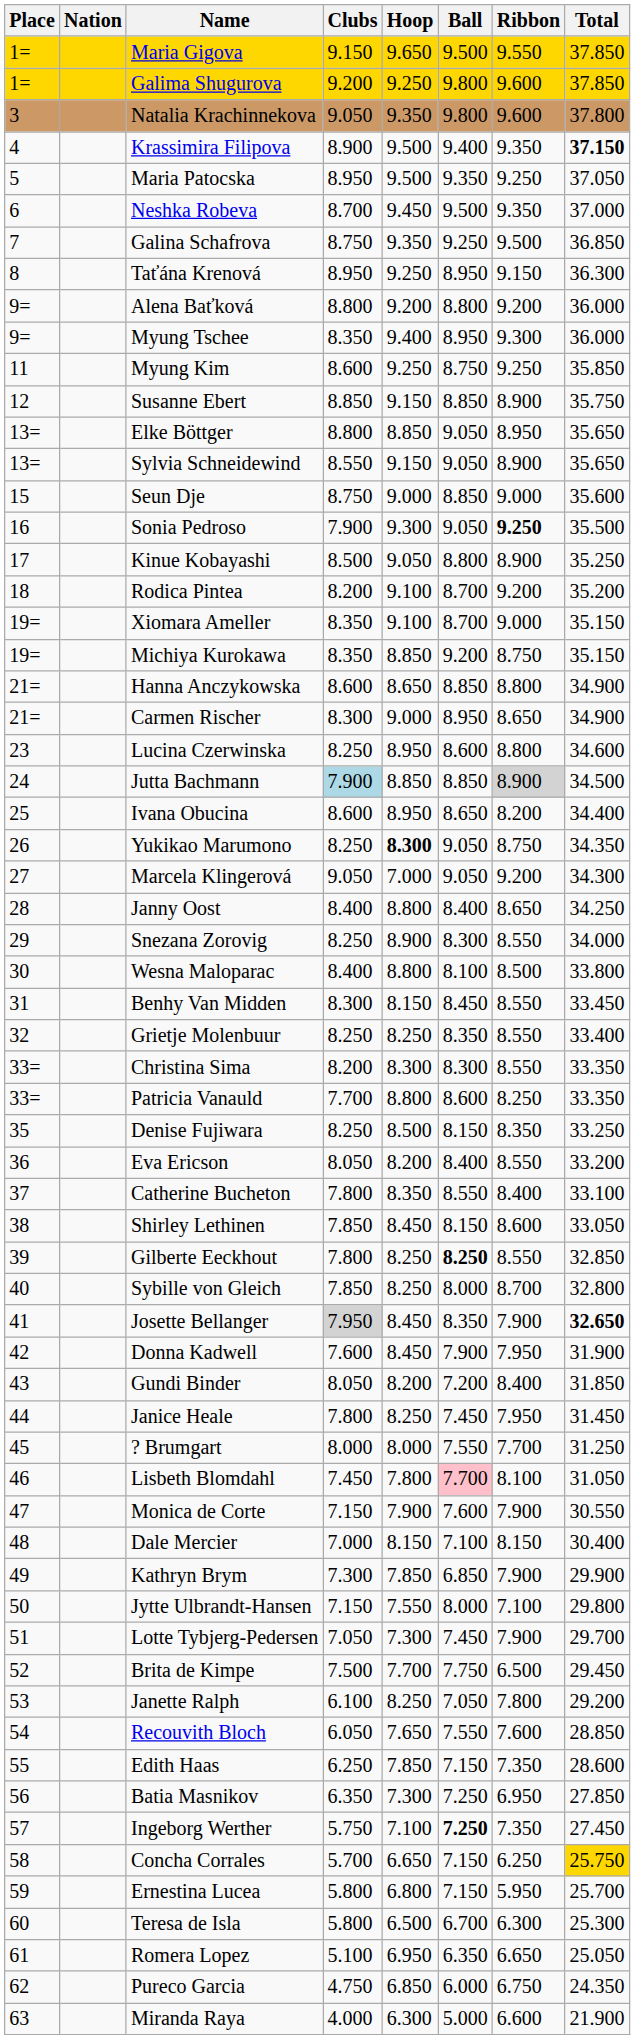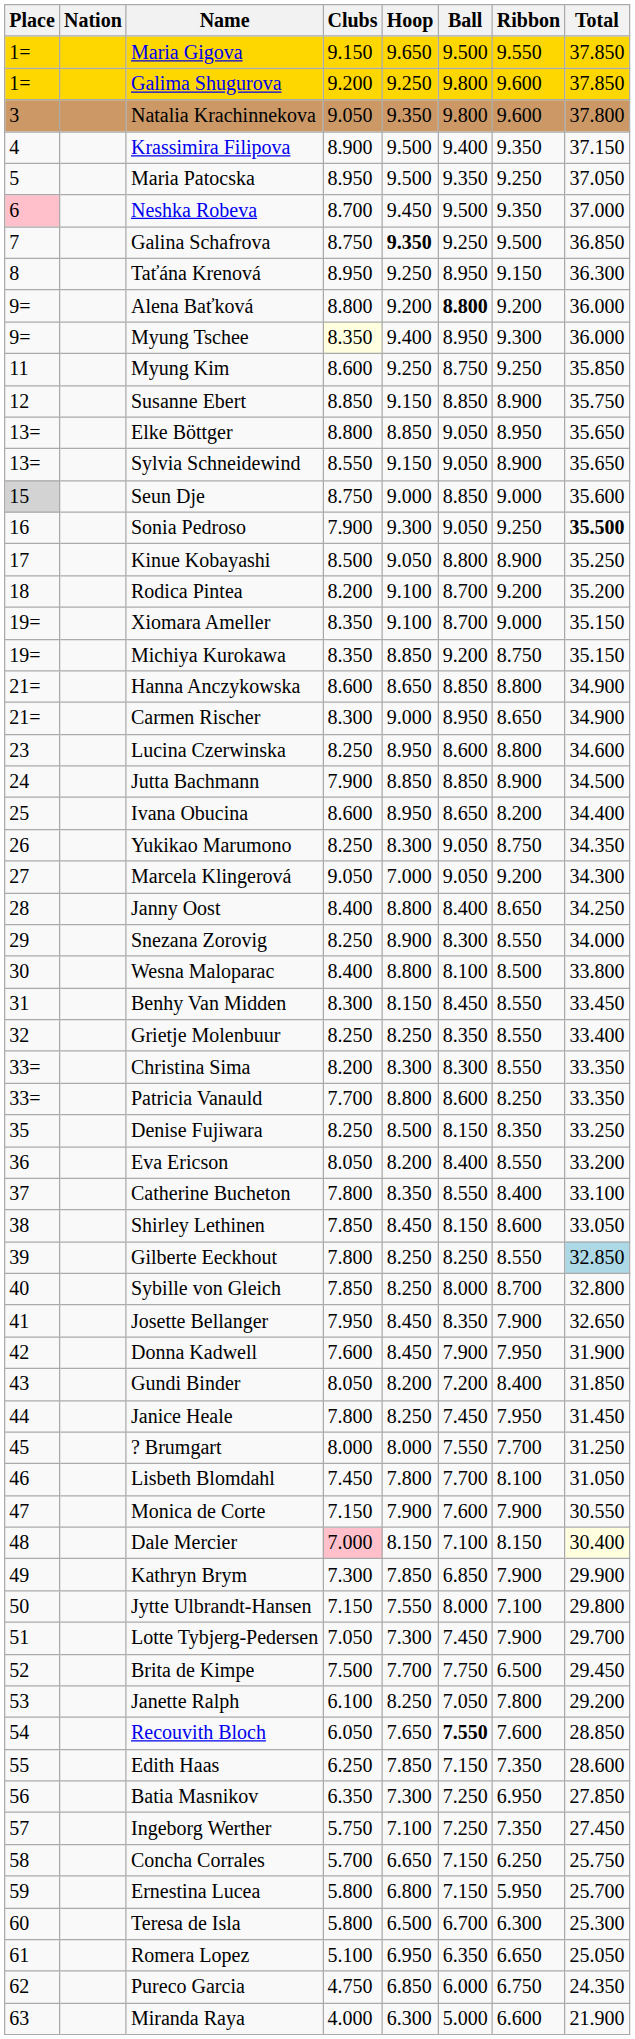 <table class="wikitable">
 <tr>
 <th>Place</th>
 <th>Nation</th>
 <th>Name</th>
 <th>Clubs</th>
 <th>Hoop</th>
 <th>Ball</th>
 <th>Ribbon</th>
 <th>Total</th>
 </tr>
 <tr bgcolor=gold>
 <td>1=</td>
 <td></td>
 <td><a href='#'>Maria Gigova</a></td>
 <td>9.150</td>
 <td>9.650</td>
 <td>9.500</td>
 <td>9.550</td>
 <td>37.850</td>
 </tr>
 <tr bgcolor=gold>
 <td>1=</td>
 <td></td>
 <td><a href='#'>Galima Shugurova</a></td>
 <td>9.200</td>
 <td>9.250</td>
 <td>9.800</td>
 <td>9.600</td>
 <td>37.850</td>
 </tr>
 <tr bgcolor=cc9966>
 <td>3</td>
 <td></td>
 <td>Natalia Krachinnekova</td>
 <td>9.050</td>
 <td>9.350</td>
 <td>9.800</td>
 <td>9.600</td>
 <td>37.800</td>
 </tr>
 <tr>
 <td>4</td>
 <td></td>
 <td><a href='#'>Krassimira Filipova</a></td>
 <td>8.900</td>
 <td>9.500</td>
 <td>9.400</td>
 <td>9.350</td>
-<td><strong>37.150</strong></td>
+<td>37.150</td>
 </tr>
 <tr>
 <td>5</td>
 <td></td>
 <td>Maria Patocska</td>
 <td>8.950</td>
 <td>9.500</td>
 <td>9.350</td>
 <td>9.250</td>
 <td>37.050</td>
 </tr>
 <tr>
-<td>6</td>
+<td style="background: pink;">6</td>
 <td></td>
 <td><a href='#'>Neshka Robeva</a></td>
 <td>8.700</td>
 <td>9.450</td>
 <td>9.500</td>
 <td>9.350</td>
 <td>37.000</td>
 </tr>
 <tr>
 <td>7</td>
 <td></td>
 <td>Galina Schafrova</td>
 <td>8.750</td>
-<td>9.350</td>
+<td><strong>9.350</strong></td>
 <td>9.250</td>
 <td>9.500</td>
 <td>36.850</td>
 </tr>
 <tr>
 <td>8</td>
 <td></td>
 <td>Taťána Krenová</td>
 <td>8.950</td>
 <td>9.250</td>
 <td>8.950</td>
 <td>9.150</td>
 <td>36.300</td>
 </tr>
 <tr>
 <td>9=</td>
 <td></td>
 <td>Alena Baťková</td>
 <td>8.800</td>
 <td>9.200</td>
-<td>8.800</td>
+<td><strong>8.800</strong></td>
 <td>9.200</td>
 <td>36.000</td>
 </tr>
 <tr>
 <td>9=</td>
 <td></td>
 <td>Myung Tschee</td>
-<td>8.350</td>
+<td style="background: lightyellow;">8.350</td>
 <td>9.400</td>
 <td>8.950</td>
 <td>9.300</td>
 <td>36.000</td>
 </tr>
 <tr>
 <td>11</td>
 <td></td>
 <td>Myung Kim</td>
 <td>8.600</td>
 <td>9.250</td>
 <td>8.750</td>
 <td>9.250</td>
 <td>35.850</td>
 </tr>
 <tr>
 <td>12</td>
 <td></td>
 <td>Susanne Ebert</td>
 <td>8.850</td>
 <td>9.150</td>
 <td>8.850</td>
 <td>8.900</td>
 <td>35.750</td>
 </tr>
 <tr>
 <td>13=</td>
 <td></td>
 <td>Elke Böttger</td>
 <td>8.800</td>
 <td>8.850</td>
 <td>9.050</td>
 <td>8.950</td>
 <td>35.650</td>
 </tr>
 <tr>
 <td>13=</td>
 <td></td>
 <td>Sylvia Schneidewind</td>
 <td>8.550</td>
 <td>9.150</td>
 <td>9.050</td>
 <td>8.900</td>
 <td>35.650</td>
 </tr>
 <tr>
-<td>15</td>
+<td style="background: lightgrey;">15</td>
 <td></td>
 <td>Seun Dje</td>
 <td>8.750</td>
 <td>9.000</td>
 <td>8.850</td>
 <td>9.000</td>
 <td>35.600</td>
 </tr>
 <tr>
 <td>16</td>
 <td></td>
 <td>Sonia Pedroso</td>
 <td>7.900</td>
 <td>9.300</td>
 <td>9.050</td>
-<td><strong>9.250</strong></td>
-<td>35.500</td>
+<td>9.250</td>
+<td><strong>35.500</strong></td>
 </tr>
 <tr>
 <td>17</td>
 <td></td>
 <td>Kinue Kobayashi</td>
 <td>8.500</td>
 <td>9.050</td>
 <td>8.800</td>
 <td>8.900</td>
 <td>35.250</td>
 </tr>
 <tr>
 <td>18</td>
 <td></td>
 <td>Rodica Pintea</td>
 <td>8.200</td>
 <td>9.100</td>
 <td>8.700</td>
 <td>9.200</td>
 <td>35.200</td>
 </tr>
 <tr>
 <td>19=</td>
 <td></td>
 <td>Xiomara Ameller</td>
 <td>8.350</td>
 <td>9.100</td>
 <td>8.700</td>
 <td>9.000</td>
 <td>35.150</td>
 </tr>
 <tr>
 <td>19=</td>
 <td></td>
 <td>Michiya Kurokawa</td>
 <td>8.350</td>
 <td>8.850</td>
 <td>9.200</td>
 <td>8.750</td>
 <td>35.150</td>
 </tr>
 <tr>
 <td>21=</td>
 <td></td>
 <td>Hanna Anczykowska</td>
 <td>8.600</td>
 <td>8.650</td>
 <td>8.850</td>
 <td>8.800</td>
 <td>34.900</td>
 </tr>
 <tr>
 <td>21=</td>
 <td></td>
 <td>Carmen Rischer</td>
 <td>8.300</td>
 <td>9.000</td>
 <td>8.950</td>
 <td>8.650</td>
 <td>34.900</td>
 </tr>
 <tr>
 <td>23</td>
 <td></td>
 <td>Lucina Czerwinska</td>
 <td>8.250</td>
 <td>8.950</td>
 <td>8.600</td>
 <td>8.800</td>
 <td>34.600</td>
 </tr>
 <tr>
 <td>24</td>
 <td></td>
 <td>Jutta Bachmann</td>
-<td style="background: lightblue;">7.900</td>
+<td>7.900</td>
 <td>8.850</td>
 <td>8.850</td>
-<td style="background: lightgrey;">8.900</td>
+<td>8.900</td>
 <td>34.500</td>
 </tr>
 <tr>
 <td>25</td>
 <td></td>
 <td>Ivana Obucina</td>
 <td>8.600</td>
 <td>8.950</td>
 <td>8.650</td>
 <td>8.200</td>
 <td>34.400</td>
 </tr>
 <tr>
 <td>26</td>
 <td></td>
 <td>Yukikao Marumono</td>
 <td>8.250</td>
-<td><strong>8.300</strong></td>
+<td>8.300</td>
 <td>9.050</td>
 <td>8.750</td>
 <td>34.350</td>
 </tr>
 <tr>
 <td>27</td>
 <td></td>
 <td>Marcela Klingerová</td>
 <td>9.050</td>
 <td>7.000</td>
 <td>9.050</td>
 <td>9.200</td>
 <td>34.300</td>
 </tr>
 <tr>
 <td>28</td>
 <td></td>
 <td>Janny Oost</td>
 <td>8.400</td>
 <td>8.800</td>
 <td>8.400</td>
 <td>8.650</td>
 <td>34.250</td>
 </tr>
 <tr>
 <td>29</td>
 <td></td>
 <td>Snezana Zorovig</td>
 <td>8.250</td>
 <td>8.900</td>
 <td>8.300</td>
 <td>8.550</td>
 <td>34.000</td>
 </tr>
 <tr>
 <td>30</td>
 <td></td>
 <td>Wesna Maloparac</td>
 <td>8.400</td>
 <td>8.800</td>
 <td>8.100</td>
 <td>8.500</td>
 <td>33.800</td>
 </tr>
 <tr>
 <td>31</td>
 <td></td>
 <td>Benhy Van Midden</td>
 <td>8.300</td>
 <td>8.150</td>
 <td>8.450</td>
 <td>8.550</td>
 <td>33.450</td>
 </tr>
 <tr>
 <td>32</td>
 <td></td>
 <td>Grietje Molenbuur</td>
 <td>8.250</td>
 <td>8.250</td>
 <td>8.350</td>
 <td>8.550</td>
 <td>33.400</td>
 </tr>
 <tr>
 <td>33=</td>
 <td></td>
 <td>Christina Sima</td>
 <td>8.200</td>
 <td>8.300</td>
 <td>8.300</td>
 <td>8.550</td>
 <td>33.350</td>
 </tr>
 <tr>
 <td>33=</td>
 <td></td>
 <td>Patricia Vanauld</td>
 <td>7.700</td>
 <td>8.800</td>
 <td>8.600</td>
 <td>8.250</td>
 <td>33.350</td>
 </tr>
 <tr>
 <td>35</td>
 <td></td>
 <td>Denise Fujiwara</td>
 <td>8.250</td>
 <td>8.500</td>
 <td>8.150</td>
 <td>8.350</td>
 <td>33.250</td>
 </tr>
 <tr>
 <td>36</td>
 <td></td>
 <td>Eva Ericson</td>
 <td>8.050</td>
 <td>8.200</td>
 <td>8.400</td>
 <td>8.550</td>
 <td>33.200</td>
 </tr>
 <tr>
 <td>37</td>
 <td></td>
 <td>Catherine Bucheton</td>
 <td>7.800</td>
 <td>8.350</td>
 <td>8.550</td>
 <td>8.400</td>
 <td>33.100</td>
 </tr>
 <tr>
 <td>38</td>
 <td></td>
 <td>Shirley Lethinen</td>
 <td>7.850</td>
 <td>8.450</td>
 <td>8.150</td>
 <td>8.600</td>
 <td>33.050</td>
 </tr>
 <tr>
 <td>39</td>
 <td></td>
 <td>Gilberte Eeckhout</td>
 <td>7.800</td>
 <td>8.250</td>
-<td><strong>8.250</strong></td>
+<td>8.250</td>
 <td>8.550</td>
-<td>32.850</td>
+<td style="background: lightblue;">32.850</td>
 </tr>
 <tr>
 <td>40</td>
 <td></td>
 <td>Sybille von Gleich</td>
 <td>7.850</td>
 <td>8.250</td>
 <td>8.000</td>
 <td>8.700</td>
 <td>32.800</td>
 </tr>
 <tr>
 <td>41</td>
 <td></td>
 <td>Josette Bellanger</td>
-<td style="background: lightgrey;">7.950</td>
+<td>7.950</td>
 <td>8.450</td>
 <td>8.350</td>
 <td>7.900</td>
-<td><strong>32.650</strong></td>
+<td>32.650</td>
 </tr>
 <tr>
 <td>42</td>
 <td></td>
 <td>Donna Kadwell</td>
 <td>7.600</td>
 <td>8.450</td>
 <td>7.900</td>
 <td>7.950</td>
 <td>31.900</td>
 </tr>
 <tr>
 <td>43</td>
 <td></td>
 <td>Gundi Binder</td>
 <td>8.050</td>
 <td>8.200</td>
 <td>7.200</td>
 <td>8.400</td>
 <td>31.850</td>
 </tr>
 <tr>
 <td>44</td>
 <td></td>
 <td>Janice Heale</td>
 <td>7.800</td>
 <td>8.250</td>
 <td>7.450</td>
 <td>7.950</td>
 <td>31.450</td>
 </tr>
 <tr>
 <td>45</td>
 <td></td>
 <td>? Brumgart</td>
 <td>8.000</td>
 <td>8.000</td>
 <td>7.550</td>
 <td>7.700</td>
 <td>31.250</td>
 </tr>
 <tr>
 <td>46</td>
 <td></td>
 <td>Lisbeth Blomdahl</td>
 <td>7.450</td>
 <td>7.800</td>
-<td style="background: pink;">7.700</td>
+<td>7.700</td>
 <td>8.100</td>
 <td>31.050</td>
 </tr>
 <tr>
 <td>47</td>
 <td></td>
 <td>Monica de Corte</td>
 <td>7.150</td>
 <td>7.900</td>
 <td>7.600</td>
 <td>7.900</td>
 <td>30.550</td>
 </tr>
 <tr>
 <td>48</td>
 <td></td>
 <td>Dale Mercier</td>
-<td>7.000</td>
+<td style="background: pink;">7.000</td>
 <td>8.150</td>
 <td>7.100</td>
 <td>8.150</td>
-<td>30.400</td>
+<td style="background: lightyellow;">30.400</td>
 </tr>
 <tr>
 <td>49</td>
 <td></td>
 <td>Kathryn Brym</td>
 <td>7.300</td>
 <td>7.850</td>
 <td>6.850</td>
 <td>7.900</td>
 <td>29.900</td>
 </tr>
 <tr>
 <td>50</td>
 <td></td>
 <td>Jytte Ulbrandt-Hansen</td>
 <td>7.150</td>
 <td>7.550</td>
 <td>8.000</td>
 <td>7.100</td>
 <td>29.800</td>
 </tr>
 <tr>
 <td>51</td>
 <td></td>
 <td>Lotte Tybjerg-Pedersen</td>
 <td>7.050</td>
 <td>7.300</td>
 <td>7.450</td>
 <td>7.900</td>
 <td>29.700</td>
 </tr>
 <tr>
 <td>52</td>
 <td></td>
 <td>Brita de Kimpe</td>
 <td>7.500</td>
 <td>7.700</td>
 <td>7.750</td>
 <td>6.500</td>
 <td>29.450</td>
 </tr>
 <tr>
 <td>53</td>
 <td></td>
 <td>Janette Ralph</td>
 <td>6.100</td>
 <td>8.250</td>
 <td>7.050</td>
 <td>7.800</td>
 <td>29.200</td>
 </tr>
 <tr>
 <td>54</td>
 <td></td>
 <td><a href='#'>Recouvith Bloch</a></td>
 <td>6.050</td>
 <td>7.650</td>
-<td>7.550</td>
+<td><strong>7.550</strong></td>
 <td>7.600</td>
 <td>28.850</td>
 </tr>
 <tr>
 <td>55</td>
 <td></td>
 <td>Edith Haas</td>
 <td>6.250</td>
 <td>7.850</td>
 <td>7.150</td>
 <td>7.350</td>
 <td>28.600</td>
 </tr>
 <tr>
 <td>56</td>
 <td></td>
 <td>Batia Masnikov</td>
 <td>6.350</td>
 <td>7.300</td>
 <td>7.250</td>
 <td>6.950</td>
 <td>27.850</td>
 </tr>
 <tr>
 <td>57</td>
 <td></td>
 <td>Ingeborg Werther</td>
 <td>5.750</td>
 <td>7.100</td>
-<td><strong>7.250</strong></td>
+<td>7.250</td>
 <td>7.350</td>
 <td>27.450</td>
 </tr>
 <tr>
 <td>58</td>
 <td></td>
 <td>Concha Corrales</td>
 <td>5.700</td>
 <td>6.650</td>
 <td>7.150</td>
 <td>6.250</td>
-<td style="background: gold;">25.750</td>
+<td>25.750</td>
 </tr>
 <tr>
 <td>59</td>
 <td></td>
 <td>Ernestina Lucea</td>
 <td>5.800</td>
 <td>6.800</td>
 <td>7.150</td>
 <td>5.950</td>
 <td>25.700</td>
 </tr>
 <tr>
 <td>60</td>
 <td></td>
 <td>Teresa de Isla</td>
 <td>5.800</td>
 <td>6.500</td>
 <td>6.700</td>
 <td>6.300</td>
 <td>25.300</td>
 </tr>
 <tr>
 <td>61</td>
 <td></td>
 <td>Romera Lopez</td>
 <td>5.100</td>
 <td>6.950</td>
 <td>6.350</td>
 <td>6.650</td>
 <td>25.050</td>
 </tr>
 <tr>
 <td>62</td>
 <td></td>
 <td>Pureco Garcia</td>
 <td>4.750</td>
 <td>6.850</td>
 <td>6.000</td>
 <td>6.750</td>
 <td>24.350</td>
 </tr>
 <tr>
 <td>63</td>
 <td></td>
 <td>Miranda Raya</td>
 <td>4.000</td>
 <td>6.300</td>
 <td>5.000</td>
 <td>6.600</td>
 <td>21.900</td>
 </tr>
 </table>
